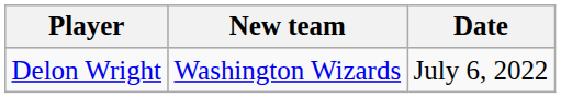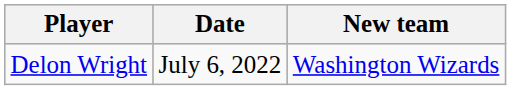 <table class="wikitable sortable sortable" style="text-align: center">
 <tr>
 <th>Player</th>
+<th>Date</th>
 <th>New team</th>
-<th>Date</th>
 </tr>
 <tr>
 <td><a href='#'>Delon Wright</a></td>
+<td>July 6, 2022</td>
 <td><a href='#'>Washington Wizards</a></td>
-<td>July 6, 2022</td>
 </tr>
 </table>
